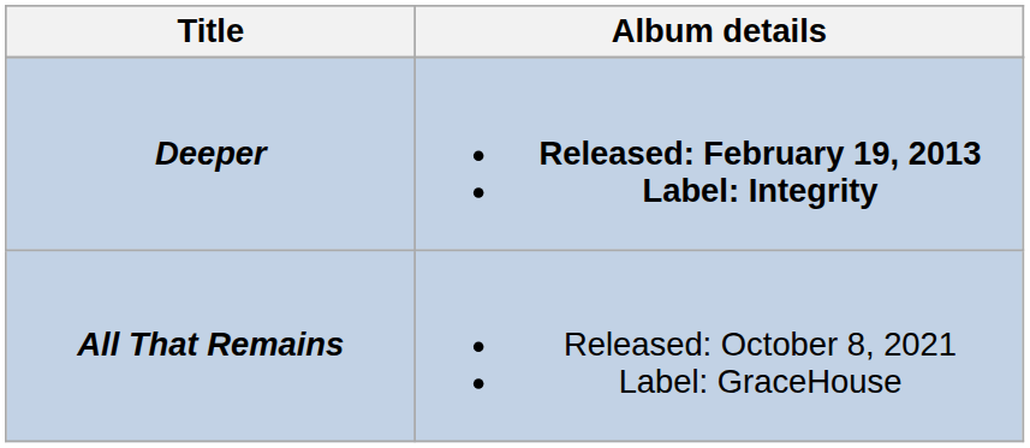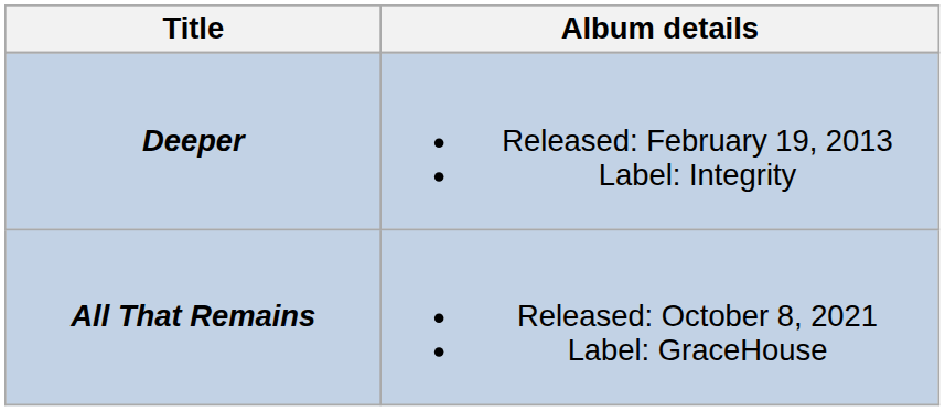 <table class="wikitable plainrowheaders" style="text-align:center;">
 <tr>
 <th scope="col" rowspan="1" style="width:12em;">Title</th>
 <th scope="col" rowspan="1" style="width:18em;">Album details</th>
 </tr>
 <tr>
 </tr>
 <tr>
 <th scope="row" style="background:#c2d2e5"><em>Deeper</em></th>
-<td style="background:#c2d2e5"><strong><br><ul><li>Released: February 19, 2013</li><li>Label: Integrity</li></ul></strong></td>
+<td style="background:#c2d2e5"><br><ul><li>Released: February 19, 2013</li><li>Label: Integrity</li></ul></td>
 </tr>
 <tr>
 <th scope="row" style="background:#c2d2e5"><em>All That Remains</em></th>
 <td style="background:#c2d2e5"><br><ul><li>Released: October 8, 2021</li><li>Label: GraceHouse</li></ul></td>
 </tr>
 </table>
